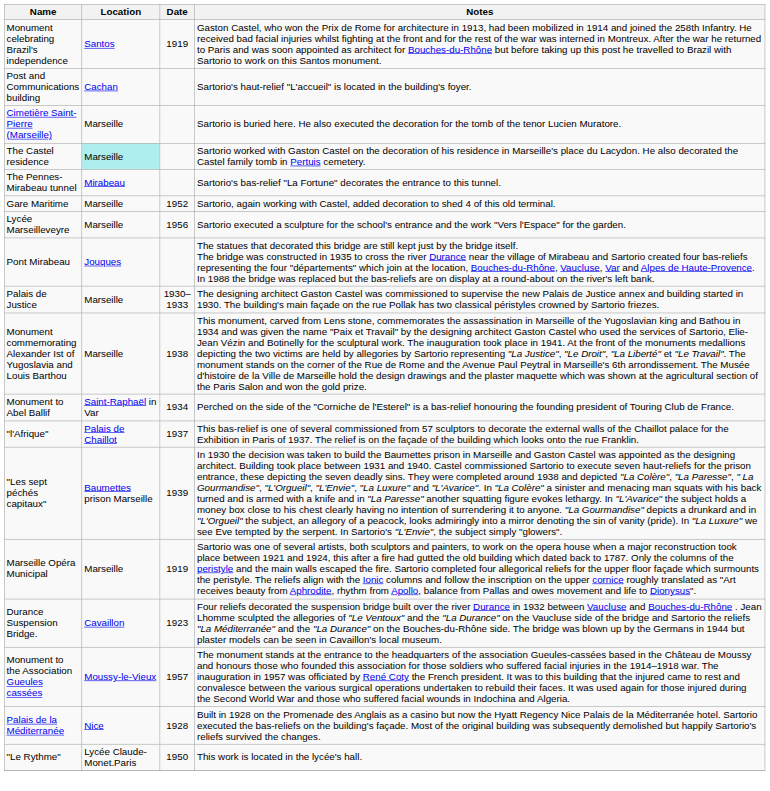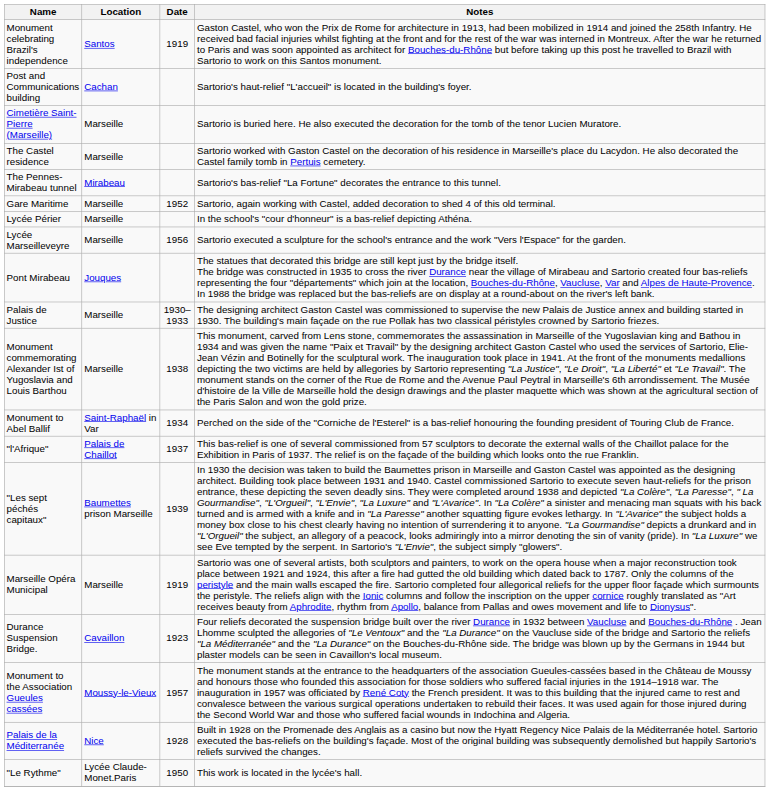 <table class="wikitable sortable plainrowheaders">
 <tr>
 <th style="width:120px">Name</th>
 <th style="width:120px">Location</th>
 <th style="width:50px">Date</th>
 <th class="unsortable">Notes</th>
 </tr>
 <tr>
 <td>Monument celebrating Brazil's independence</td>
 <td><a href='#'>Santos</a></td>
 <td align="center">1919</td>
 <td>Gaston Castel, who won the Prix de Rome for architecture in 1913, had been mobilized in 1914 and joined the 258th Infantry. He received bad facial injuries whilst fighting at the front and for the rest of the war was interned in Montreux. After the war he returned to Paris and was soon appointed as architect for <a href='#'>Bouches-du-Rhône</a> but before taking up this post he travelled to Brazil with Sartorio to work on this Santos monument.<br></td>
 </tr>
 <tr>
 <td>Post and Communications building</td>
 <td><a href='#'>Cachan</a></td>
 <td align="center"></td>
 <td>Sartorio's haut-relief "L'accueil" is located in the building's foyer.<br></td>
 </tr>
 <tr>
 <td><a href='#'>Cimetière Saint-Pierre (Marseille)</a></td>
 <td>Marseille</td>
 <td align="center"></td>
 <td>Sartorio is buried here.  He also executed the decoration for the tomb of the tenor Lucien Muratore.</td>
 </tr>
 <tr>
 <td>The Castel residence</td>
-<td style="background: paleturquoise;">Marseille</td>
+<td>Marseille</td>
 <td align="center"></td>
 <td>Sartorio worked with Gaston Castel on the decoration of his residence in Marseille's place du Lacydon. He also decorated the Castel family tomb in <a href='#'>Pertuis</a> cemetery.</td>
 </tr>
 <tr>
 <td>The Pennes-Mirabeau tunnel</td>
 <td><a href='#'>Mirabeau</a></td>
 <td align="center"></td>
 <td>Sartorio's bas-relief "La Fortune" decorates the entrance to this tunnel.</td>
 </tr>
 <tr>
 <td>Gare Maritime</td>
 <td>Marseille</td>
 <td align="center">1952</td>
 <td>Sartorio, again working with Castel, added decoration to shed 4 of this old terminal.</td>
+</tr>
+<tr>
+<td>Lycée Périer</td>
+<td>Marseille</td>
+<td align="center"></td>
+<td>In the school's "cour d'honneur" is a bas-relief depicting Athéna.</td>
 </tr>
 <tr>
 <td>Lycée Marseilleveyre</td>
 <td>Marseille</td>
 <td align="center">1956</td>
 <td>Sartorio executed a sculpture for the school's entrance and the work "Vers l'Espace" for the garden.</td>
 </tr>
 <tr>
 <td>Pont Mirabeau</td>
 <td><a href='#'>Jouques</a></td>
 <td align="center"></td>
 <td>The statues that decorated this bridge are still kept just by the bridge itself.<br>The bridge was constructed in 1935 to cross the river <a href='#'>Durance</a> near the village of Mirabeau and Sartorio created four bas-reliefs representing the four "départements" which join at the location, <a href='#'>Bouches-du-Rhône</a>, <a href='#'>Vaucluse</a>, <a href='#'>Var</a> and <a href='#'>Alpes de Haute-Provence</a>.  In 1988 the bridge was replaced but the bas-reliefs are on display at a round-about on the river's left bank.</td>
 </tr>
 <tr>
 <td>Palais de Justice</td>
 <td>Marseille</td>
 <td align="center">1930–1933</td>
 <td>The designing architect Gaston Castel was commissioned to supervise the new Palais de Justice annex and building started in 1930. The building's main façade on the rue Pollak has two classical péristyles crowned by Sartorio friezes.<br></td>
 </tr>
 <tr>
 <td>Monument commemorating Alexander Ist of Yugoslavia and Louis Barthou</td>
 <td>Marseille</td>
 <td align="center">1938</td>
 <td>This monument, carved from Lens stone, commemorates the assassination in Marseille of the Yugoslavian king and Bathou in 1934 and was given the name "Paix et Travail" by the designing architect Gaston Castel who used the services of Sartorio, Elie-Jean Vézin and Botinelly for the sculptural work. The inauguration took place in 1941. At the front of the monuments medallions depicting the two victims are held by allegories by Sartorio representing <em>"La Justice"</em>, <em>"Le Droit"</em>, <em>"La Liberté"</em> et <em>"Le Travail"</em>. The monument stands on the corner of the Rue de Rome and the Avenue Paul Peytral in Marseille's 6th arrondissement. The Musée d'histoire de la Ville de Marseille hold the design drawings and the plaster maquette which was shown at the agricultural section of the Paris Salon and won the gold prize.<br>  </td>
 </tr>
 <tr>
 <td>Monument to Abel Ballif</td>
 <td><a href='#'>Saint-Raphaël</a> in Var</td>
 <td align="center">1934</td>
 <td>Perched on the side of the "Corniche de l'Esterel" is a bas-relief honouring the founding president of Touring Club de France.<br></td>
 </tr>
 <tr>
 <td>"l'Afrique"</td>
 <td><a href='#'>Palais de Chaillot</a></td>
 <td align="center">1937</td>
 <td>This bas-relief is one of several commissioned from 57 sculptors to decorate the external walls of the Chaillot palace for the Exhibition in Paris of 1937. The relief is on the façade of the building which looks onto the rue Franklin.<br> </td>
 </tr>
 <tr>
 <td>"Les sept péchés capitaux"</td>
 <td><a href='#'>Baumettes</a> prison Marseille</td>
 <td align="center">1939</td>
 <td>In 1930 the decision was taken to build the Baumettes prison in Marseille and Gaston Castel was appointed as the designing architect. Building took place between 1931 and 1940. Castel commissioned Sartorio to execute seven haut-reliefs for the prison entrance, these depicting the seven deadly sins. They were completed around 1938 and depicted <em>"La Colère"</em>, <em>"La Paresse"</em>, <em>" La Gourmandise"</em>, <em>"L'Orgueil"</em>, <em>"L'Envie"</em>, <em>"La Luxure"</em> and <em>"L'Avarice"</em>. In <em>"La Colère"</em> a sinister and menacing man squats with his back turned and is armed with a knife and in <em>"La Paresse"</em> another squatting figure evokes lethargy. In <em>"L'Avarice"</em> the subject holds a money box close to his chest clearly having no intention of surrendering it to anyone. <em>"La Gourmandise"</em> depicts a drunkard and in <em>"L'Orgueil"</em> the subject, an allegory of a peacock, looks admiringly into a mirror denoting the sin of vanity (pride).  In <em>"La Luxure"</em> we see Eve tempted by the serpent. In Sartorio's <em>"L'Envie"</em>, the subject simply "glowers".<br></td>
 </tr>
 <tr>
 <td>Marseille Opéra Municipal</td>
 <td>Marseille</td>
 <td align="center">1919</td>
 <td>Sartorio was one of several artists, both sculptors and painters, to work on the opera house when a major reconstruction took place between 1921 and 1924, this after a fire had gutted the old building which dated back to 1787. Only the columns of the <a href='#'>peristyle</a> and the main walls escaped the fire. Sartorio completed four allegorical reliefs for the upper floor façade which surmounts the peristyle. The reliefs align with the <a href='#'>Ionic</a> columns and follow the inscription on the upper <a href='#'>cornice</a> roughly translated as "Art receives beauty from <a href='#'>Aphrodite</a>, rhythm from <a href='#'>Apollo</a>, balance from Pallas and owes movement and life to <a href='#'>Dionysus</a>".<br></td>
 </tr>
 <tr>
 <td>Durance Suspension Bridge.</td>
 <td><a href='#'>Cavaillon</a></td>
 <td align="center">1923</td>
 <td>Four reliefs decorated the suspension bridge built over the river <a href='#'>Durance</a> in 1932 between <a href='#'>Vaucluse</a> and <a href='#'>Bouches-du-Rhône</a> . Jean Lhomme sculpted the allegories of <em>"Le Ventoux"</em> and the <em>"La Durance"</em> on the Vaucluse side of the bridge and Sartorio the reliefs <em>"La Méditerranée"</em> and the <em>"La Durance"</em> on the Bouches-du-Rhône side. The bridge was blown up by the Germans in 1944 but plaster models can be seen in Cavaillon's local museum.</td>
 </tr>
 <tr>
 <td>Monument to the Association <a href='#'>Gueules cassées</a></td>
 <td><a href='#'>Moussy-le-Vieux</a></td>
 <td align="center">1957</td>
 <td>The monument stands at the entrance to the headquarters of the association Gueules-cassées based in the Château de Moussy and honours those who founded this association for those soldiers who suffered facial injuries in the 1914–1918 war. The inauguration in 1957 was officiated by <a href='#'>René Coty</a> the French president. It was to this building that the injured came to rest and convalesce between the various surgical operations undertaken to rebuild their faces.  It was used again for those injured during the Second World War and those who suffered facial wounds in Indochina and Algeria.<br></td>
 </tr>
 <tr>
 <td><a href='#'>Palais de la Méditerranée</a></td>
 <td><a href='#'>Nice</a></td>
 <td align="center">1928</td>
 <td>Built in 1928 on the Promenade des Anglais as a casino but now the Hyatt Regency Nice Palais de la Méditerranée hotel. Sartorio executed the bas-reliefs on the building's façade. Most of the original building was subsequently demolished but happily Sartorio's reliefs survived the changes.</td>
 </tr>
 <tr>
 <td>"Le Rythme"</td>
 <td>Lycée Claude-Monet.Paris</td>
 <td align="center">1950</td>
 <td>This work is located in the lycée's hall.<br></td>
 </tr>
 <tr>
 </tr>
 </table>
